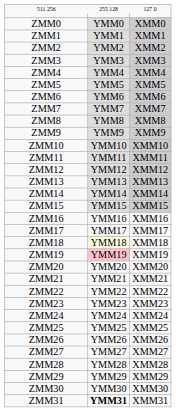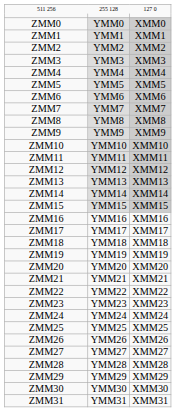 <table class="wikitable floatright" style="margin-left: 1rem; text-align: center; line-height: normal">
 <tr style="font-size: xx-small;">
 <td style="width: 50%; border: none; "><span>511</span> <span>256</span></td>
 <td style="width: 25%; border: none; "><span>255</span> <span>128</span></td>
 <td style="width: 25%; border: none; "><span>127</span> <span>0</span></td>
 </tr>
 <tr>
 <td style="border-top: none"></td>
 <td style="border-top: none"></td>
 <td style="border-top: none"></td>
 </tr>
 <tr>
 <td style="padding: 0">  ZMM0  </td>
 <td style="padding: 0; background: #ddd">  YMM0  </td>
 <td style="padding: 0; background: #ccc">  XMM0  </td>
 </tr>
 <tr>
 <td style="padding: 0">ZMM1</td>
 <td style="padding: 0; background: #ddd">YMM1</td>
 <td style="padding: 0; background: #ccc">XMM1</td>
 </tr>
 <tr>
 <td style="padding: 0">ZMM2</td>
 <td style="padding: 0; background: #ddd">YMM2</td>
 <td style="padding: 0; background: #ccc">XMM2</td>
 </tr>
 <tr>
 <td style="padding: 0">ZMM3</td>
 <td style="padding: 0; background: #ddd">YMM3</td>
 <td style="padding: 0; background: #ccc">XMM3</td>
 </tr>
 <tr>
 <td style="padding: 0">ZMM4</td>
 <td style="padding: 0; background: #ddd">YMM4</td>
 <td style="padding: 0; background: #ccc">XMM4</td>
 </tr>
 <tr>
 <td style="padding: 0">ZMM5</td>
 <td style="padding: 0; background: #ddd">YMM5</td>
 <td style="padding: 0; background: #ccc">XMM5</td>
 </tr>
 <tr>
 <td style="padding: 0">ZMM6</td>
 <td style="padding: 0; background: #ddd">YMM6</td>
 <td style="padding: 0; background: #ccc">XMM6</td>
 </tr>
 <tr>
 <td style="padding: 0">ZMM7</td>
 <td style="padding: 0; background: #ddd">YMM7</td>
 <td style="padding: 0; background: #ccc">XMM7</td>
 </tr>
 <tr>
 <td style="padding: 0">ZMM8</td>
 <td style="padding: 0; background: #ddd">YMM8</td>
 <td style="padding: 0; background: #ccc">XMM8</td>
 </tr>
 <tr>
 <td style="padding: 0">ZMM9</td>
 <td style="padding: 0; background: #ddd">YMM9</td>
 <td style="padding: 0; background: #ccc">XMM9</td>
 </tr>
 <tr>
 <td style="padding: 0">ZMM10</td>
 <td style="padding: 0; background: #ddd">YMM10</td>
 <td style="padding: 0; background: #ccc">XMM10</td>
 </tr>
 <tr>
 <td style="padding: 0">ZMM11</td>
 <td style="padding: 0; background: #ddd">YMM11</td>
 <td style="padding: 0; background: #ccc">XMM11</td>
 </tr>
 <tr>
 <td style="padding: 0">ZMM12</td>
 <td style="padding: 0; background: #ddd">YMM12</td>
 <td style="padding: 0; background: #ccc">XMM12</td>
 </tr>
 <tr>
 <td style="padding: 0">ZMM13</td>
 <td style="padding: 0; background: #ddd">YMM13</td>
 <td style="padding: 0; background: #ccc">XMM13</td>
 </tr>
 <tr>
 <td style="padding: 0">ZMM14</td>
 <td style="padding: 0; background: #ddd">YMM14</td>
 <td style="padding: 0; background: #ccc">XMM14</td>
 </tr>
 <tr>
 <td style="padding: 0">ZMM15</td>
 <td style="padding: 0; background: #ddd">YMM15</td>
 <td style="padding: 0; background: #ccc">XMM15</td>
 </tr>
 <tr>
 <td style="padding: 0">ZMM16</td>
 <td style="padding: 0">YMM16</td>
 <td style="padding: 0">XMM16</td>
 </tr>
 <tr>
 <td style="padding: 0">ZMM17</td>
 <td style="padding: 0">YMM17</td>
 <td style="padding: 0">XMM17</td>
 </tr>
 <tr>
 <td style="padding: 0">ZMM18</td>
-<td style="background: lightyellow; padding: 0">YMM18</td>
+<td style="padding: 0">YMM18</td>
 <td style="padding: 0">XMM18</td>
 </tr>
 <tr>
 <td style="padding: 0">ZMM19</td>
-<td style="background: pink; padding: 0">YMM19</td>
+<td style="padding: 0">YMM19</td>
 <td style="padding: 0">XMM19</td>
 </tr>
 <tr>
 <td style="padding: 0">ZMM20</td>
 <td style="padding: 0">YMM20</td>
 <td style="padding: 0">XMM20</td>
 </tr>
 <tr>
 <td style="padding: 0">ZMM21</td>
 <td style="padding: 0">YMM21</td>
 <td style="padding: 0">XMM21</td>
 </tr>
 <tr>
 <td style="padding: 0">ZMM22</td>
 <td style="padding: 0">YMM22</td>
 <td style="padding: 0">XMM22</td>
 </tr>
 <tr>
 <td style="padding: 0">ZMM23</td>
 <td style="padding: 0">YMM23</td>
 <td style="padding: 0">XMM23</td>
 </tr>
 <tr>
 <td style="padding: 0">ZMM24</td>
 <td style="padding: 0">YMM24</td>
 <td style="padding: 0">XMM24</td>
 </tr>
 <tr>
 <td style="padding: 0">ZMM25</td>
 <td style="padding: 0">YMM25</td>
 <td style="padding: 0">XMM25</td>
 </tr>
 <tr>
 <td style="padding: 0">ZMM26</td>
 <td style="padding: 0">YMM26</td>
 <td style="padding: 0">XMM26</td>
 </tr>
 <tr>
 <td style="padding: 0">ZMM27</td>
 <td style="padding: 0">YMM27</td>
 <td style="padding: 0">XMM27</td>
 </tr>
 <tr>
 <td style="padding: 0">ZMM28</td>
 <td style="padding: 0">YMM28</td>
 <td style="padding: 0">XMM28</td>
 </tr>
 <tr>
 <td style="padding: 0">ZMM29</td>
 <td style="padding: 0">YMM29</td>
 <td style="padding: 0">XMM29</td>
 </tr>
 <tr>
 <td style="padding: 0">ZMM30</td>
 <td style="padding: 0">YMM30</td>
 <td style="padding: 0">XMM30</td>
 </tr>
 <tr>
 <td style="padding: 0">ZMM31</td>
-<td style="padding: 0"><strong>YMM31</strong></td>
+<td style="padding: 0">YMM31</td>
 <td style="padding: 0">XMM31</td>
 </tr>
 </table>
